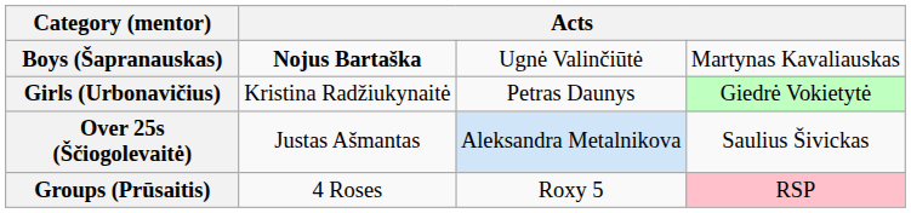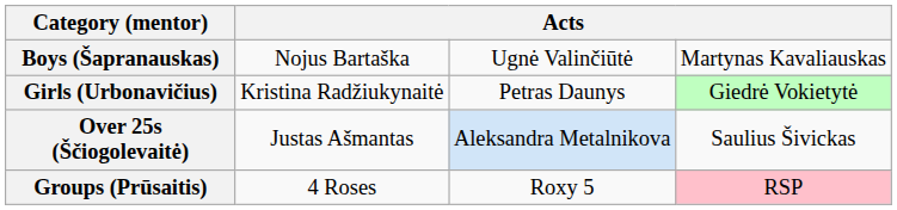 <table class="wikitable" style="text-align:center">
 <tr>
 <th scope="col" style="width:160px;">Category (mentor)</th>
 <th scope="col" colspan="4">Acts</th>
 </tr>
 <tr>
 <th scope="row">Boys (Šapranauskas)</th>
-<td><strong>Nojus Bartaška</strong></td>
+<td>Nojus Bartaška</td>
 <td>Ugnė Valinčiūtė</td>
 <td>Martynas Kavaliauskas</td>
 </tr>
 <tr>
 <th scope="row">Girls (Urbonavičius)</th>
 <td>Kristina Radžiukynaitė</td>
 <td>Petras Daunys</td>
 <td style="background:#BFFFC0;">Giedrė Vokietytė</td>
 </tr>
 <tr>
 <th scope="row">Over 25s (Ščiogolevaitė)</th>
 <td>Justas Ašmantas</td>
 <td style="background:#d1e5f8;">Aleksandra Metalnikova</td>
 <td>Saulius Šivickas</td>
 </tr>
 <tr>
 <th scope="row">Groups (Prūsaitis)</th>
 <td>4 Roses</td>
 <td>Roxy 5</td>
 <td style="background:pink;">RSP</td>
 </tr>
 </table>
